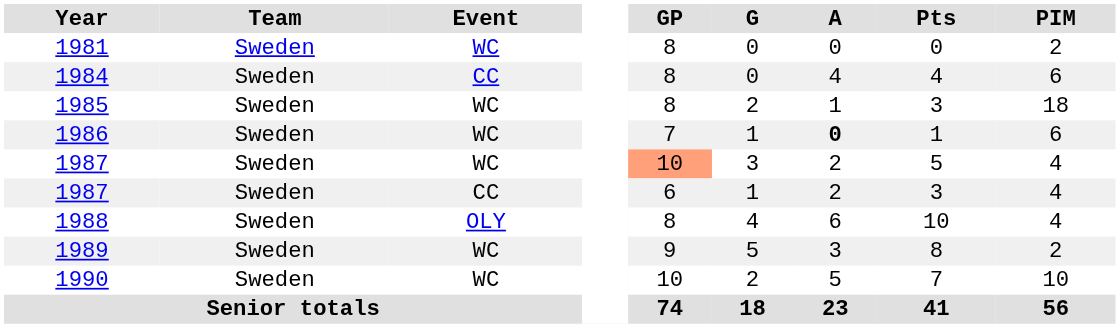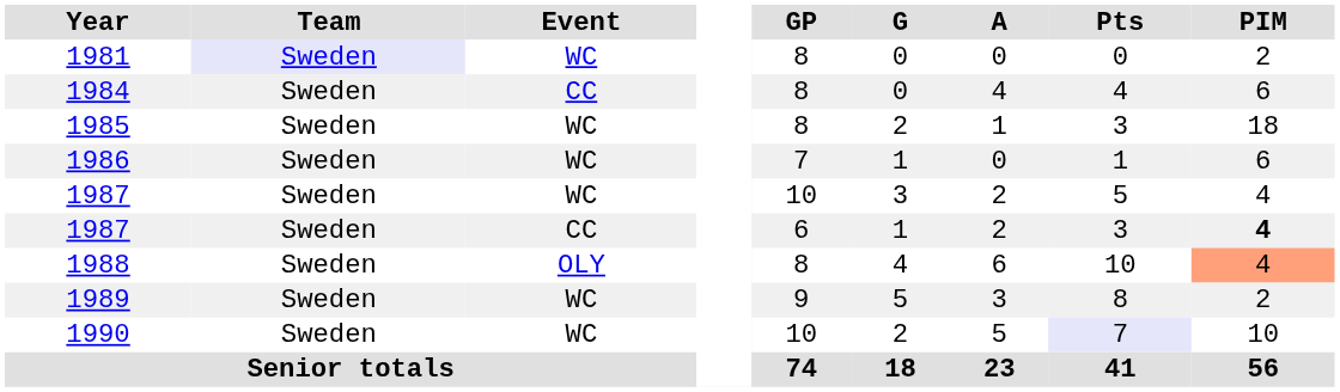 <table border="0" cellpadding="1" cellspacing="0" style="text-align:center; width:50em">
 <tr ALIGN="center" bgcolor="#e0e0e0">
 <th>Year</th>
 <th>Team</th>
 <th>Event</th>
 <th rowspan="99" bgcolor="#ffffff"> </th>
 <th>GP</th>
 <th>G</th>
 <th>A</th>
 <th>Pts</th>
 <th>PIM</th>
 </tr>
 <tr>
 <td><a href='#'>1981</a></td>
-<td><a href='#'>Sweden</a></td>
+<td style="background: lavender;"><a href='#'>Sweden</a></td>
 <td><a href='#'>WC</a></td>
 <td>8</td>
 <td>0</td>
 <td>0</td>
 <td>0</td>
 <td>2</td>
 </tr>
 <tr bgcolor="#f0f0f0">
 <td><a href='#'>1984</a></td>
 <td>Sweden</td>
 <td><a href='#'>CC</a></td>
 <td>8</td>
 <td>0</td>
 <td>4</td>
 <td>4</td>
 <td>6</td>
 </tr>
 <tr>
 <td><a href='#'>1985</a></td>
 <td>Sweden</td>
 <td>WC</td>
 <td>8</td>
 <td>2</td>
 <td>1</td>
 <td>3</td>
 <td>18</td>
 </tr>
 <tr bgcolor="#f0f0f0">
 <td><a href='#'>1986</a></td>
 <td>Sweden</td>
 <td>WC</td>
 <td>7</td>
 <td>1</td>
-<td><strong>0</strong></td>
+<td>0</td>
 <td>1</td>
 <td>6</td>
 </tr>
 <tr>
 <td><a href='#'>1987</a></td>
 <td>Sweden</td>
 <td>WC</td>
-<td style="background: lightsalmon;">10</td>
+<td>10</td>
 <td>3</td>
 <td>2</td>
 <td>5</td>
 <td>4</td>
 </tr>
 <tr bgcolor="#f0f0f0">
 <td><a href='#'>1987</a></td>
 <td>Sweden</td>
 <td>CC</td>
 <td>6</td>
 <td>1</td>
 <td>2</td>
 <td>3</td>
-<td>4</td>
+<td><strong>4</strong></td>
 </tr>
 <tr>
 <td><a href='#'>1988</a></td>
 <td>Sweden</td>
 <td><a href='#'>OLY</a></td>
 <td>8</td>
 <td>4</td>
 <td>6</td>
 <td>10</td>
-<td>4</td>
+<td style="background: lightsalmon;">4</td>
 </tr>
 <tr bgcolor="#f0f0f0">
 <td><a href='#'>1989</a></td>
 <td>Sweden</td>
 <td>WC</td>
 <td>9</td>
 <td>5</td>
 <td>3</td>
 <td>8</td>
 <td>2</td>
 </tr>
 <tr>
 <td><a href='#'>1990</a></td>
 <td>Sweden</td>
 <td>WC</td>
 <td>10</td>
 <td>2</td>
 <td>5</td>
-<td>7</td>
+<td style="background: lavender;">7</td>
 <td>10</td>
 </tr>
 <tr bgcolor="#e0e0e0">
 <th colspan=3>Senior totals</th>
 <th>74</th>
 <th>18</th>
 <th>23</th>
 <th>41</th>
 <th>56</th>
 </tr>
 </table>
